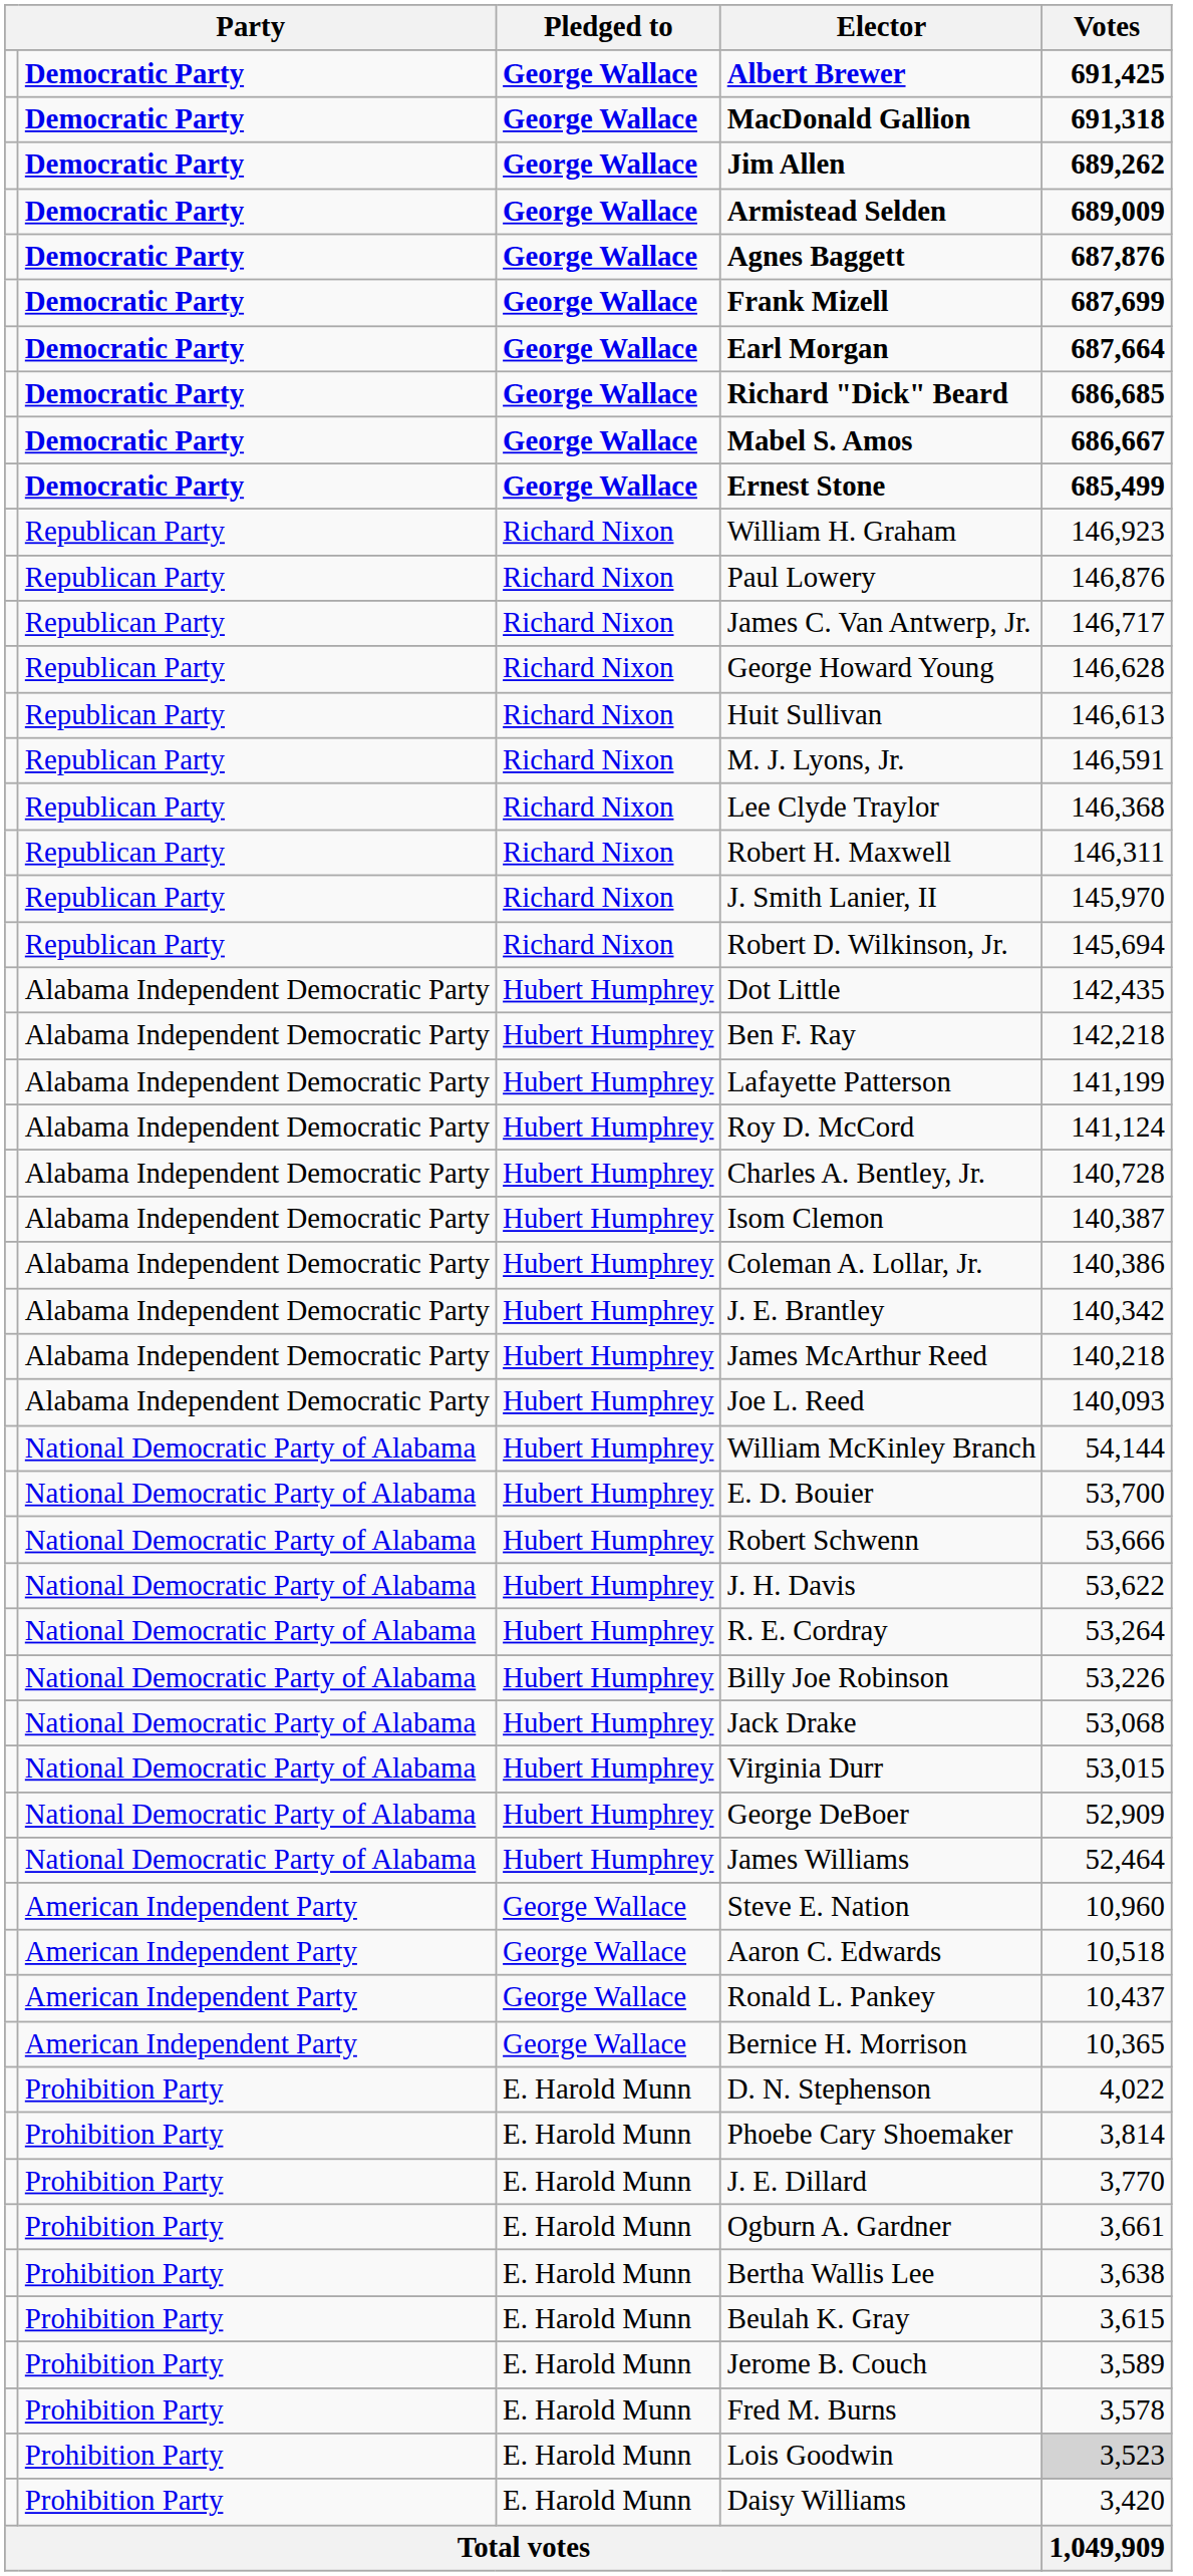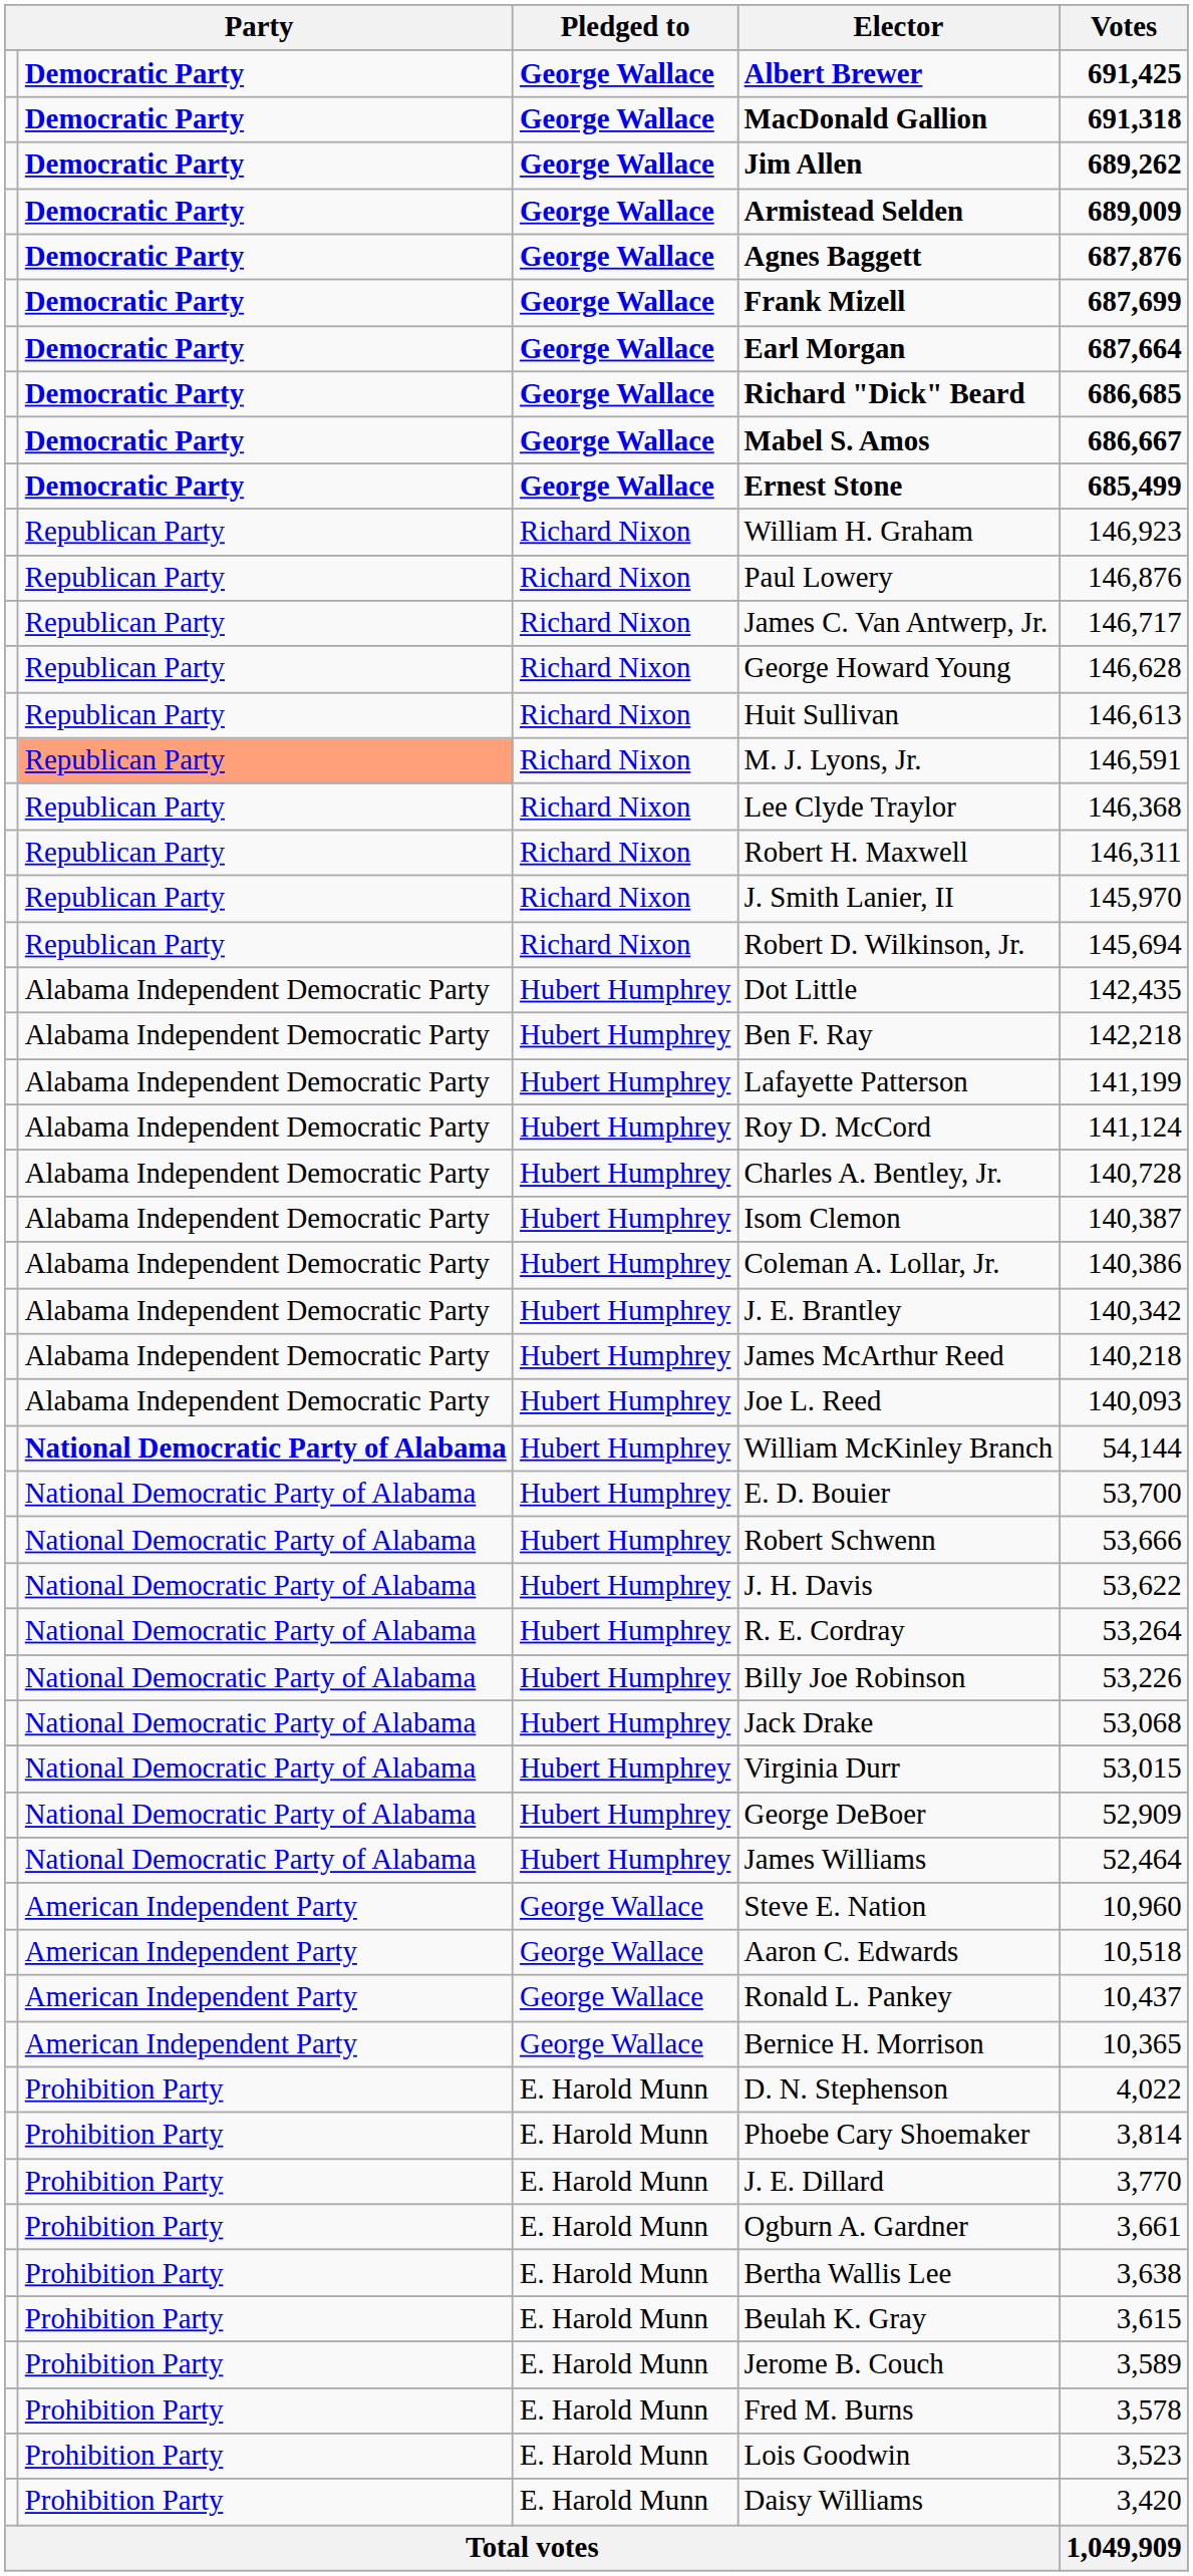 <table class="wikitable">
 <tr>
 <th colspan=2>Party</th>
 <th>Pledged to</th>
 <th>Elector</th>
 <th>Votes</th>
 </tr>
 <tr style="font-weight:bold">
 <td bgcolor=></td>
 <td><a href='#'>Democratic Party</a></td>
 <td><a href='#'>George Wallace</a></td>
 <td><a href='#'>Albert Brewer</a></td>
 <td align=right>691,425</td>
 </tr>
 <tr style="font-weight:bold">
 <td bgcolor=></td>
 <td><a href='#'>Democratic Party</a></td>
 <td><a href='#'>George Wallace</a></td>
 <td>MacDonald Gallion</td>
 <td align=right>691,318</td>
 </tr>
 <tr style="font-weight:bold">
 <td bgcolor=></td>
 <td><a href='#'>Democratic Party</a></td>
 <td><a href='#'>George Wallace</a></td>
 <td>Jim Allen</td>
 <td align=right>689,262</td>
 </tr>
 <tr style="font-weight:bold">
 <td bgcolor=></td>
 <td><a href='#'>Democratic Party</a></td>
 <td><a href='#'>George Wallace</a></td>
 <td>Armistead Selden</td>
 <td align=right>689,009</td>
 </tr>
 <tr style="font-weight:bold">
 <td bgcolor=></td>
 <td><a href='#'>Democratic Party</a></td>
 <td><a href='#'>George Wallace</a></td>
 <td>Agnes Baggett</td>
 <td align=right>687,876</td>
 </tr>
 <tr style="font-weight:bold">
 <td bgcolor=></td>
 <td><a href='#'>Democratic Party</a></td>
 <td><a href='#'>George Wallace</a></td>
 <td>Frank Mizell</td>
 <td align=right>687,699</td>
 </tr>
 <tr style="font-weight:bold">
 <td bgcolor=></td>
 <td><a href='#'>Democratic Party</a></td>
 <td><a href='#'>George Wallace</a></td>
 <td>Earl Morgan</td>
 <td align=right>687,664</td>
 </tr>
 <tr style="font-weight:bold">
 <td bgcolor=></td>
 <td><a href='#'>Democratic Party</a></td>
 <td><a href='#'>George Wallace</a></td>
 <td>Richard "Dick" Beard</td>
 <td align=right>686,685</td>
 </tr>
 <tr style="font-weight:bold">
 <td bgcolor=></td>
 <td><a href='#'>Democratic Party</a></td>
 <td><a href='#'>George Wallace</a></td>
 <td>Mabel S. Amos</td>
 <td align=right>686,667</td>
 </tr>
 <tr style="font-weight:bold">
 <td bgcolor=></td>
 <td><a href='#'>Democratic Party</a></td>
 <td><a href='#'>George Wallace</a></td>
 <td>Ernest Stone</td>
 <td align=right>685,499</td>
 </tr>
 <tr>
 <td bgcolor=></td>
 <td><a href='#'>Republican Party</a></td>
 <td><a href='#'>Richard Nixon</a></td>
 <td>William H. Graham</td>
 <td align=right>146,923</td>
 </tr>
 <tr>
 <td bgcolor=></td>
 <td><a href='#'>Republican Party</a></td>
 <td><a href='#'>Richard Nixon</a></td>
 <td>Paul Lowery</td>
 <td align=right>146,876</td>
 </tr>
 <tr>
 <td bgcolor=></td>
 <td><a href='#'>Republican Party</a></td>
 <td><a href='#'>Richard Nixon</a></td>
 <td>James C. Van Antwerp, Jr.</td>
 <td align=right>146,717</td>
 </tr>
 <tr>
 <td bgcolor=></td>
 <td><a href='#'>Republican Party</a></td>
 <td><a href='#'>Richard Nixon</a></td>
 <td>George Howard Young</td>
 <td align=right>146,628</td>
 </tr>
 <tr>
 <td bgcolor=></td>
 <td><a href='#'>Republican Party</a></td>
 <td><a href='#'>Richard Nixon</a></td>
 <td>Huit Sullivan</td>
 <td align=right>146,613</td>
 </tr>
 <tr>
 <td bgcolor=></td>
-<td><a href='#'>Republican Party</a></td>
+<td style="background: lightsalmon;"><a href='#'>Republican Party</a></td>
 <td><a href='#'>Richard Nixon</a></td>
 <td>M. J. Lyons, Jr.</td>
 <td align=right>146,591</td>
 </tr>
 <tr>
 <td bgcolor=></td>
 <td><a href='#'>Republican Party</a></td>
 <td><a href='#'>Richard Nixon</a></td>
 <td>Lee Clyde Traylor</td>
 <td align=right>146,368</td>
 </tr>
 <tr>
 <td bgcolor=></td>
 <td><a href='#'>Republican Party</a></td>
 <td><a href='#'>Richard Nixon</a></td>
 <td>Robert H. Maxwell</td>
 <td align=right>146,311</td>
 </tr>
 <tr>
 <td bgcolor=></td>
 <td><a href='#'>Republican Party</a></td>
 <td><a href='#'>Richard Nixon</a></td>
 <td>J. Smith Lanier, II</td>
 <td align=right>145,970</td>
 </tr>
 <tr>
 <td bgcolor=></td>
 <td><a href='#'>Republican Party</a></td>
 <td><a href='#'>Richard Nixon</a></td>
 <td>Robert D. Wilkinson, Jr.</td>
 <td align=right>145,694</td>
 </tr>
 <tr>
 <td bgcolor=></td>
 <td>Alabama Independent Democratic Party</td>
 <td><a href='#'>Hubert Humphrey</a></td>
 <td>Dot Little</td>
 <td align=right>142,435</td>
 </tr>
 <tr>
 <td bgcolor=></td>
 <td>Alabama Independent Democratic Party</td>
 <td><a href='#'>Hubert Humphrey</a></td>
 <td>Ben F. Ray</td>
 <td align=right>142,218</td>
 </tr>
 <tr>
 <td bgcolor=></td>
 <td>Alabama Independent Democratic Party</td>
 <td><a href='#'>Hubert Humphrey</a></td>
 <td>Lafayette Patterson</td>
 <td align=right>141,199</td>
 </tr>
 <tr>
 <td bgcolor=></td>
 <td>Alabama Independent Democratic Party</td>
 <td><a href='#'>Hubert Humphrey</a></td>
 <td>Roy D. McCord</td>
 <td align=right>141,124</td>
 </tr>
 <tr>
 <td bgcolor=></td>
 <td>Alabama Independent Democratic Party</td>
 <td><a href='#'>Hubert Humphrey</a></td>
 <td>Charles A. Bentley, Jr.</td>
 <td align=right>140,728</td>
 </tr>
 <tr>
 <td bgcolor=></td>
 <td>Alabama Independent Democratic Party</td>
 <td><a href='#'>Hubert Humphrey</a></td>
 <td>Isom Clemon</td>
 <td align=right>140,387</td>
 </tr>
 <tr>
 <td bgcolor=></td>
 <td>Alabama Independent Democratic Party</td>
 <td><a href='#'>Hubert Humphrey</a></td>
 <td>Coleman A. Lollar, Jr.</td>
 <td align=right>140,386</td>
 </tr>
 <tr>
 <td bgcolor=></td>
 <td>Alabama Independent Democratic Party</td>
 <td><a href='#'>Hubert Humphrey</a></td>
 <td>J. E. Brantley</td>
 <td align=right>140,342</td>
 </tr>
 <tr>
 <td bgcolor=></td>
 <td>Alabama Independent Democratic Party</td>
 <td><a href='#'>Hubert Humphrey</a></td>
 <td>James McArthur Reed</td>
 <td align=right>140,218</td>
 </tr>
 <tr>
 <td bgcolor=></td>
 <td>Alabama Independent Democratic Party</td>
 <td><a href='#'>Hubert Humphrey</a></td>
 <td>Joe L. Reed</td>
 <td align=right>140,093</td>
 </tr>
 <tr>
 <td bgcolor=></td>
-<td><a href='#'>National Democratic Party of Alabama</a></td>
+<td><strong><a href='#'>National Democratic Party of Alabama</a></strong></td>
 <td><a href='#'>Hubert Humphrey</a></td>
 <td>William McKinley Branch</td>
 <td align=right>54,144</td>
 </tr>
 <tr>
 <td bgcolor=></td>
 <td><a href='#'>National Democratic Party of Alabama</a></td>
 <td><a href='#'>Hubert Humphrey</a></td>
 <td>E. D. Bouier</td>
 <td align=right>53,700</td>
 </tr>
 <tr>
 <td bgcolor=></td>
 <td><a href='#'>National Democratic Party of Alabama</a></td>
 <td><a href='#'>Hubert Humphrey</a></td>
 <td>Robert Schwenn</td>
 <td align=right>53,666</td>
 </tr>
 <tr>
 <td bgcolor=></td>
 <td><a href='#'>National Democratic Party of Alabama</a></td>
 <td><a href='#'>Hubert Humphrey</a></td>
 <td>J. H. Davis</td>
 <td align=right>53,622</td>
 </tr>
 <tr>
 <td bgcolor=></td>
 <td><a href='#'>National Democratic Party of Alabama</a></td>
 <td><a href='#'>Hubert Humphrey</a></td>
 <td>R. E. Cordray</td>
 <td align=right>53,264</td>
 </tr>
 <tr>
 <td bgcolor=></td>
 <td><a href='#'>National Democratic Party of Alabama</a></td>
 <td><a href='#'>Hubert Humphrey</a></td>
 <td>Billy Joe Robinson</td>
 <td align=right>53,226</td>
 </tr>
 <tr>
 <td bgcolor=></td>
 <td><a href='#'>National Democratic Party of Alabama</a></td>
 <td><a href='#'>Hubert Humphrey</a></td>
 <td>Jack Drake</td>
 <td align=right>53,068</td>
 </tr>
 <tr>
 <td bgcolor=></td>
 <td><a href='#'>National Democratic Party of Alabama</a></td>
 <td><a href='#'>Hubert Humphrey</a></td>
 <td>Virginia Durr</td>
 <td align=right>53,015</td>
 </tr>
 <tr>
 <td bgcolor=></td>
 <td><a href='#'>National Democratic Party of Alabama</a></td>
 <td><a href='#'>Hubert Humphrey</a></td>
 <td>George DeBoer</td>
 <td align=right>52,909</td>
 </tr>
 <tr>
 <td bgcolor=></td>
 <td><a href='#'>National Democratic Party of Alabama</a></td>
 <td><a href='#'>Hubert Humphrey</a></td>
 <td>James Williams</td>
 <td align=right>52,464</td>
 </tr>
 <tr>
 <td bgcolor=></td>
 <td><a href='#'>American Independent Party</a></td>
 <td><a href='#'>George Wallace</a></td>
 <td>Steve E. Nation</td>
 <td align=right>10,960</td>
 </tr>
 <tr>
 <td bgcolor=></td>
 <td><a href='#'>American Independent Party</a></td>
 <td><a href='#'>George Wallace</a></td>
 <td>Aaron C. Edwards</td>
 <td align=right>10,518</td>
 </tr>
 <tr>
 <td bgcolor=></td>
 <td><a href='#'>American Independent Party</a></td>
 <td><a href='#'>George Wallace</a></td>
 <td>Ronald L. Pankey</td>
 <td align=right>10,437</td>
 </tr>
 <tr>
 <td bgcolor=></td>
 <td><a href='#'>American Independent Party</a></td>
 <td><a href='#'>George Wallace</a></td>
 <td>Bernice H. Morrison</td>
 <td align=right>10,365</td>
 </tr>
 <tr>
 <td bgcolor=></td>
 <td><a href='#'>Prohibition Party</a></td>
 <td>E. Harold Munn</td>
 <td>D. N. Stephenson</td>
 <td align=right>4,022</td>
 </tr>
 <tr>
 <td bgcolor=></td>
 <td><a href='#'>Prohibition Party</a></td>
 <td>E. Harold Munn</td>
 <td>Phoebe Cary Shoemaker</td>
 <td align=right>3,814</td>
 </tr>
 <tr>
 <td bgcolor=></td>
 <td><a href='#'>Prohibition Party</a></td>
 <td>E. Harold Munn</td>
 <td>J. E. Dillard</td>
 <td align=right>3,770</td>
 </tr>
 <tr>
 <td bgcolor=></td>
 <td><a href='#'>Prohibition Party</a></td>
 <td>E. Harold Munn</td>
 <td>Ogburn A. Gardner</td>
 <td align=right>3,661</td>
 </tr>
 <tr>
 <td bgcolor=></td>
 <td><a href='#'>Prohibition Party</a></td>
 <td>E. Harold Munn</td>
 <td>Bertha Wallis Lee</td>
 <td align=right>3,638</td>
 </tr>
 <tr>
 <td bgcolor=></td>
 <td><a href='#'>Prohibition Party</a></td>
 <td>E. Harold Munn</td>
 <td>Beulah K. Gray</td>
 <td align=right>3,615</td>
 </tr>
 <tr>
 <td bgcolor=></td>
 <td><a href='#'>Prohibition Party</a></td>
 <td>E. Harold Munn</td>
 <td>Jerome B. Couch</td>
 <td align=right>3,589</td>
 </tr>
 <tr>
 <td bgcolor=></td>
 <td><a href='#'>Prohibition Party</a></td>
 <td>E. Harold Munn</td>
 <td>Fred M. Burns</td>
 <td align=right>3,578</td>
 </tr>
 <tr>
 <td bgcolor=></td>
 <td><a href='#'>Prohibition Party</a></td>
 <td>E. Harold Munn</td>
 <td>Lois Goodwin</td>
-<td align=right style="background: lightgrey;">3,523</td>
+<td align=right>3,523</td>
 </tr>
 <tr>
 <td bgcolor=></td>
 <td><a href='#'>Prohibition Party</a></td>
 <td>E. Harold Munn</td>
 <td>Daisy Williams</td>
 <td align=right>3,420</td>
 </tr>
 <tr>
 <th colspan=4>Total votes</th>
 <th>1,049,909</th>
 </tr>
 </table>
